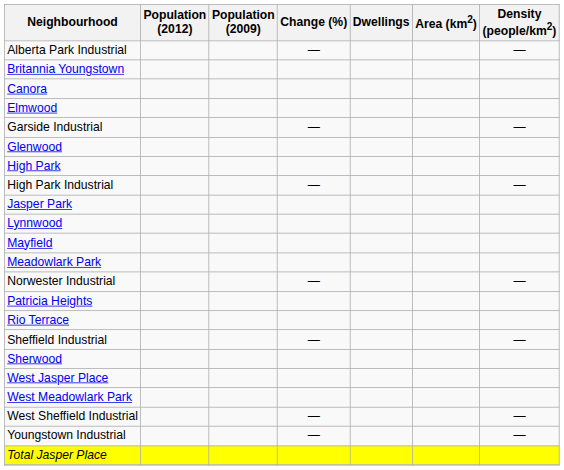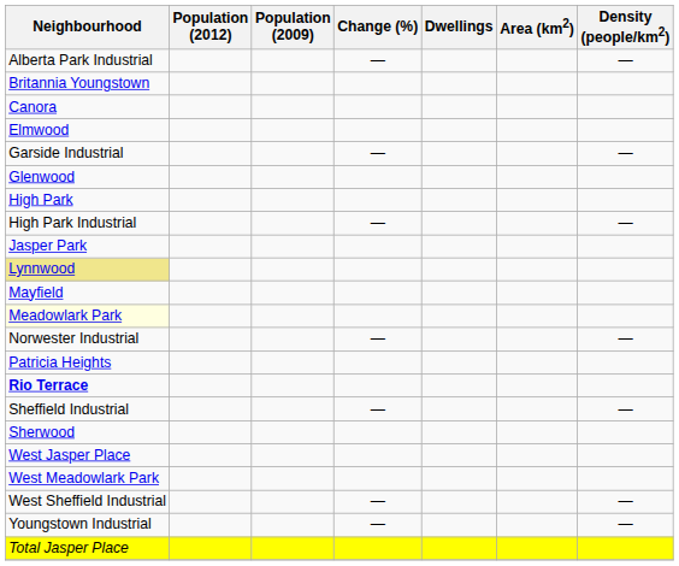 <table class="wikitable sortable">
 <tr>
 <th>Neighbourhood</th>
 <th>Population<br>(2012)</th>
 <th>Population<br>(2009)</th>
 <th>Change (%)</th>
 <th>Dwellings</th>
 <th>Area (km<sup>2</sup>)</th>
 <th>Density<br>(people/km<sup>2</sup>)</th>
 </tr>
 <tr>
 <td>Alberta Park Industrial</td>
 <td align=center></td>
 <td align=center></td>
 <td align=center>—</td>
 <td align=center></td>
 <td align=center></td>
 <td align=center>—</td>
 </tr>
 <tr>
 <td><a href='#'>Britannia Youngstown</a></td>
 <td align=center></td>
 <td align=center></td>
 <td align=center></td>
 <td align=center></td>
 <td align=center></td>
 <td align=center></td>
 </tr>
 <tr>
 <td><a href='#'>Canora</a></td>
 <td align=center></td>
 <td align=center></td>
 <td align=center></td>
 <td align=center></td>
 <td align=center></td>
 <td align=center></td>
 </tr>
 <tr>
 <td><a href='#'>Elmwood</a></td>
 <td align=center></td>
 <td align=center></td>
 <td align=center></td>
 <td align=center></td>
 <td align=center></td>
 <td align=center></td>
 </tr>
 <tr>
 <td>Garside Industrial</td>
 <td align=center></td>
 <td align=center></td>
 <td align=center>—</td>
 <td align=center></td>
 <td align=center></td>
 <td align=center>—</td>
 </tr>
 <tr>
 <td><a href='#'>Glenwood</a></td>
 <td align=center></td>
 <td align=center></td>
 <td align=center></td>
 <td align=center></td>
 <td align=center></td>
 <td align=center></td>
 </tr>
 <tr>
 <td><a href='#'>High Park</a></td>
 <td align=center></td>
 <td align=center></td>
 <td align=center></td>
 <td align=center></td>
 <td align=center></td>
 <td align=center></td>
 </tr>
 <tr>
 <td>High Park Industrial</td>
 <td align=center></td>
 <td align=center></td>
 <td align=center>—</td>
 <td align=center></td>
 <td align=center></td>
 <td align=center>—</td>
 </tr>
 <tr>
 <td><a href='#'>Jasper Park</a></td>
 <td align=center></td>
 <td align=center></td>
 <td align=center></td>
 <td align=center></td>
 <td align=center></td>
 <td align=center></td>
 </tr>
 <tr>
-<td><a href='#'>Lynnwood</a></td>
+<td style="background: khaki;"><a href='#'>Lynnwood</a></td>
 <td align=center></td>
 <td align=center></td>
 <td align=center></td>
 <td align=center></td>
 <td align=center></td>
 <td align=center></td>
 </tr>
 <tr>
 <td><a href='#'>Mayfield</a></td>
 <td align=center></td>
 <td align=center></td>
 <td align=center></td>
 <td align=center></td>
 <td align=center></td>
 <td align=center></td>
 </tr>
 <tr>
-<td><a href='#'>Meadowlark Park</a></td>
+<td style="background: lightyellow;"><a href='#'>Meadowlark Park</a></td>
 <td align=center></td>
 <td align=center></td>
 <td align=center></td>
 <td align=center></td>
 <td align=center></td>
 <td align=center></td>
 </tr>
 <tr>
 <td>Norwester Industrial</td>
 <td align=center></td>
 <td align=center></td>
 <td align=center>—</td>
 <td align=center></td>
 <td align=center></td>
 <td align=center>—</td>
 </tr>
 <tr>
 <td><a href='#'>Patricia Heights</a></td>
 <td align=center></td>
 <td align=center></td>
 <td align=center></td>
 <td align=center></td>
 <td align=center></td>
 <td align=center></td>
 </tr>
 <tr>
-<td><a href='#'>Rio Terrace</a></td>
+<td><strong><a href='#'>Rio Terrace</a></strong></td>
 <td align=center></td>
 <td align=center></td>
 <td align=center></td>
 <td align=center></td>
 <td align=center></td>
 <td align=center></td>
 </tr>
 <tr>
 <td>Sheffield Industrial</td>
 <td align=center></td>
 <td align=center></td>
 <td align=center>—</td>
 <td align=center></td>
 <td align=center></td>
 <td align=center>—</td>
 </tr>
 <tr>
 <td><a href='#'>Sherwood</a></td>
 <td align=center></td>
 <td align=center></td>
 <td align=center></td>
 <td align=center></td>
 <td align=center></td>
 <td align=center></td>
 </tr>
 <tr>
 <td><a href='#'>West Jasper Place</a></td>
 <td align=center></td>
 <td align=center></td>
 <td align=center></td>
 <td align=center></td>
 <td align=center></td>
 <td align=center></td>
 </tr>
 <tr>
 <td><a href='#'>West Meadowlark Park</a></td>
 <td align=center></td>
 <td align=center></td>
 <td align=center></td>
 <td align=center></td>
 <td align=center></td>
 <td align=center></td>
 </tr>
 <tr>
 <td>West Sheffield Industrial</td>
 <td align=center></td>
 <td align=center></td>
 <td align=center>—</td>
 <td align=center></td>
 <td align=center></td>
 <td align=center>—</td>
 </tr>
 <tr>
 <td>Youngstown Industrial</td>
 <td align=center></td>
 <td align=center></td>
 <td align=center>—</td>
 <td align=center></td>
 <td align=center></td>
 <td align=center>—</td>
 </tr>
 <tr class="sortbottom" bgcolor="yellow">
 <td><em>Total Jasper Place</em></td>
 <td align=center><em></em></td>
 <td align=center><em></em></td>
 <td align=center><em></em></td>
 <td align=center><em></em></td>
 <td align=center><em></em></td>
 <td align=center><em></em></td>
 </tr>
 <tr>
 </tr>
 </table>
